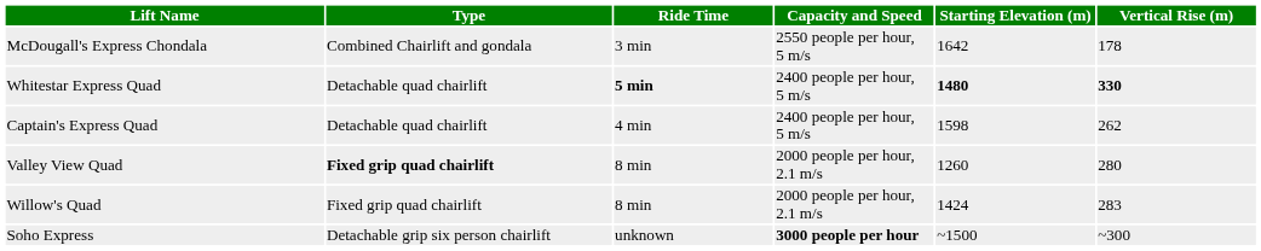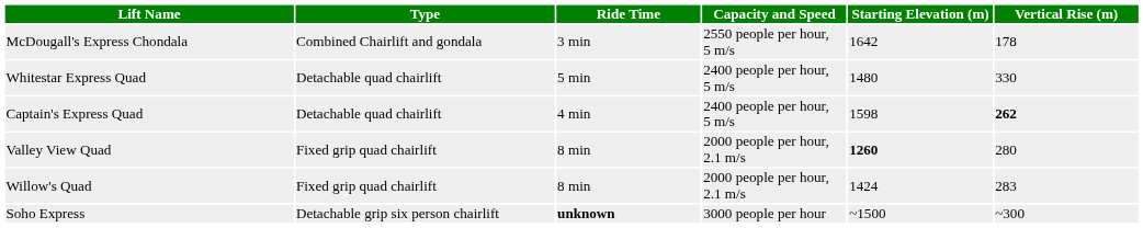 <table ->
 <tr>
 <th width=20% style="background: green; color: white;">Lift Name</th>
 <th width=18% style="background: green; color: white;">Type</th>
 <th width=10% style="background: green; color: white;">Ride Time</th>
 <th width=10% style="background: green; color: white;">Capacity and Speed</th>
 <th width=10% style="background: green; color: white;">Starting Elevation (m)</th>
 <th width=10% style="background: green; color: white;">Vertical Rise (m)</th>
 </tr>
 <tr style="background: #eeeeee; color: black;">
 <td>McDougall's Express Chondala</td>
 <td>Combined Chairlift and gondala</td>
 <td>3 min</td>
 <td>2550 people per hour, 5 m/s</td>
 <td>1642</td>
 <td>178</td>
 </tr>
 <tr style="background: #eeeeee; color: black;">
 <td>Whitestar Express Quad</td>
 <td>Detachable quad chairlift</td>
-<td><strong>5 min</strong></td>
+<td>5 min</td>
 <td>2400 people per hour, 5 m/s</td>
-<td><strong>1480</strong></td>
-<td><strong>330</strong></td>
+<td>1480</td>
+<td>330</td>
 </tr>
 <tr style="background: #eeeeee; color: black;">
 <td>Captain's Express Quad</td>
 <td>Detachable quad chairlift</td>
 <td>4 min</td>
 <td>2400 people per hour, 5 m/s</td>
 <td>1598</td>
-<td>262</td>
+<td><strong>262</strong></td>
 </tr>
 <tr style="background: #eeeeee; color: black;">
 <td>Valley View Quad</td>
-<td><strong>Fixed grip quad chairlift</strong></td>
+<td>Fixed grip quad chairlift</td>
 <td>8 min</td>
 <td>2000 people per hour, 2.1 m/s</td>
-<td>1260</td>
+<td><strong>1260</strong></td>
 <td>280</td>
 </tr>
 <tr style="background: #eeeeee; color: black;">
 <td>Willow's Quad</td>
 <td>Fixed grip quad chairlift</td>
 <td>8 min</td>
 <td>2000 people per hour, 2.1 m/s</td>
 <td>1424</td>
 <td>283</td>
 </tr>
 <tr style="background: #eeeeee; color: black;">
 <td>Soho Express</td>
 <td>Detachable grip six person chairlift</td>
-<td>unknown</td>
-<td><strong>3000 people per hour</strong></td>
+<td><strong>unknown</strong></td>
+<td>3000 people per hour</td>
 <td>~1500</td>
 <td>~300</td>
 </tr>
 <tr style="background: #eeeeee; color: black;">
 </tr>
 </table>
